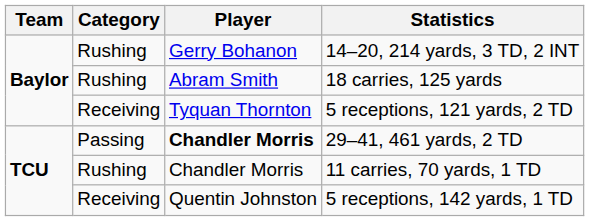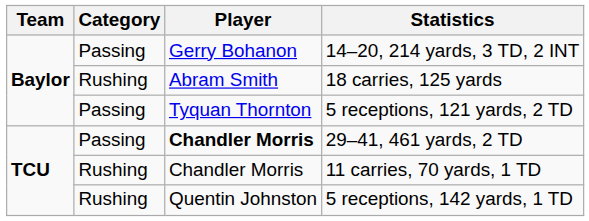 <table class="wikitable" style="float: right;">
 <tr>
 <th>Team</th>
 <th>Category</th>
 <th>Player</th>
 <th>Statistics</th>
 </tr>
 <tr>
 <td rowspan=3><strong>Baylor</strong></td>
-<td>Rushing</td>
+<td>Passing</td>
 <td><a href='#'>Gerry Bohanon</a></td>
 <td>14–20, 214 yards, 3 TD, 2 INT</td>
 </tr>
 <tr>
 <td>Rushing</td>
 <td><a href='#'>Abram Smith</a></td>
 <td>18 carries, 125 yards</td>
 </tr>
 <tr>
-<td>Receiving</td>
+<td>Passing</td>
 <td><a href='#'>Tyquan Thornton</a></td>
 <td>5 receptions, 121 yards, 2 TD</td>
 </tr>
 <tr>
 <td rowspan=3><strong>TCU</strong></td>
 <td>Passing</td>
 <td><strong>Chandler Morris</strong></td>
 <td>29–41, 461 yards, 2 TD</td>
 </tr>
 <tr>
 <td>Rushing</td>
 <td>Chandler Morris</td>
 <td>11 carries, 70 yards, 1 TD</td>
 </tr>
 <tr>
-<td>Receiving</td>
+<td>Rushing</td>
 <td>Quentin Johnston</td>
 <td>5 receptions, 142 yards, 1 TD</td>
 </tr>
 </table>
